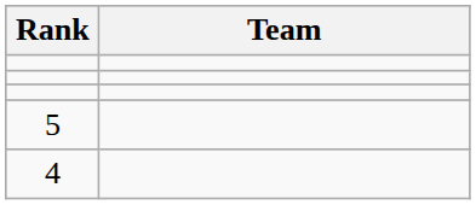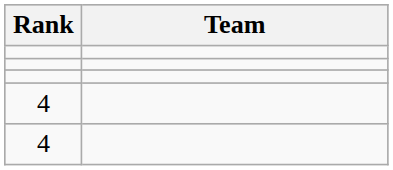 <table class="wikitable" style="text-align: center;">
 <tr>
 <th width=40>Rank</th>
 <th width=180>Team</th>
 </tr>
 <tr>
 <td></td>
 <td align=left></td>
 </tr>
 <tr>
 <td></td>
 <td align=left></td>
 </tr>
 <tr>
 <td></td>
 <td align=left></td>
 </tr>
 <tr>
-<td>5</td>
+<td>4</td>
 <td align=left></td>
 </tr>
 <tr>
 <td>4</td>
 <td align=left></td>
 </tr>
 </table>
